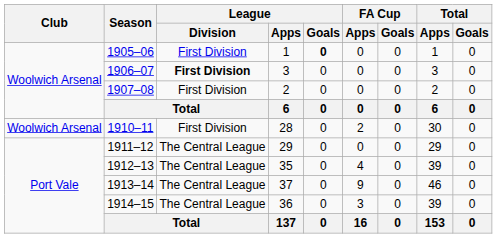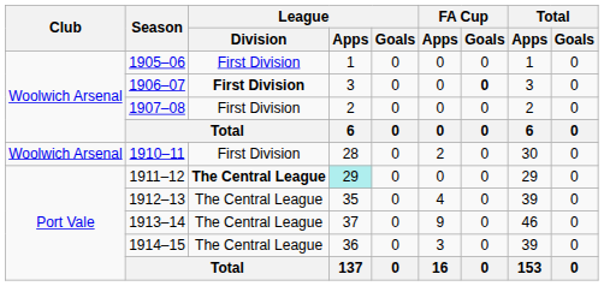 <table class="wikitable" style="text-align: center;">
 <tr>
 <th rowspan="2">Club</th>
 <th rowspan="2">Season</th>
 <th colspan="3">League</th>
 <th colspan="2">FA Cup</th>
 <th colspan="2">Total</th>
 </tr>
 <tr>
 <th>Division</th>
 <th>Apps</th>
 <th>Goals</th>
 <th>Apps</th>
 <th>Goals</th>
 <th>Apps</th>
 <th>Goals</th>
 </tr>
 <tr>
 <td rowspan="4"><a href='#'>Woolwich Arsenal</a></td>
 <td><a href='#'>1905–06</a></td>
 <td><a href='#'>First Division</a></td>
 <td>1</td>
-<td><strong>0</strong></td>
+<td>0</td>
 <td>0</td>
 <td>0</td>
 <td>1</td>
 <td>0</td>
 </tr>
 <tr>
 <td><a href='#'>1906–07</a></td>
 <td><strong>First Division</strong></td>
 <td>3</td>
 <td>0</td>
 <td>0</td>
-<td>0</td>
+<td><strong>0</strong></td>
 <td>3</td>
 <td>0</td>
 </tr>
 <tr>
 <td><a href='#'>1907–08</a></td>
 <td>First Division</td>
 <td>2</td>
 <td>0</td>
 <td>0</td>
 <td>0</td>
 <td>2</td>
 <td>0</td>
 </tr>
 <tr>
 <th colspan="2">Total</th>
 <th>6</th>
 <th>0</th>
 <th>0</th>
 <th>0</th>
 <th>6</th>
 <th>0</th>
 </tr>
 <tr>
 <td><a href='#'>Woolwich Arsenal</a></td>
 <td><a href='#'>1910–11</a></td>
 <td>First Division</td>
 <td>28</td>
 <td>0</td>
 <td>2</td>
 <td>0</td>
 <td>30</td>
 <td>0</td>
 </tr>
 <tr>
 <td rowspan="5"><a href='#'>Port Vale</a></td>
 <td>1911–12</td>
-<td>The Central League</td>
-<td>29</td>
+<td><strong>The Central League</strong></td>
+<td style="background: paleturquoise;">29</td>
 <td>0</td>
 <td>0</td>
 <td>0</td>
 <td>29</td>
 <td>0</td>
 </tr>
 <tr>
 <td>1912–13</td>
 <td>The Central League</td>
 <td>35</td>
 <td>0</td>
 <td>4</td>
 <td>0</td>
 <td>39</td>
 <td>0</td>
 </tr>
 <tr>
 <td>1913–14</td>
 <td>The Central League</td>
 <td>37</td>
 <td>0</td>
 <td>9</td>
 <td>0</td>
 <td>46</td>
 <td>0</td>
 </tr>
 <tr>
 <td>1914–15</td>
 <td>The Central League</td>
 <td>36</td>
 <td>0</td>
 <td>3</td>
 <td>0</td>
 <td>39</td>
 <td>0</td>
 </tr>
 <tr>
 <th colspan="2">Total</th>
 <th>137</th>
 <th>0</th>
 <th>16</th>
 <th>0</th>
 <th>153</th>
 <th>0</th>
 </tr>
 </table>
